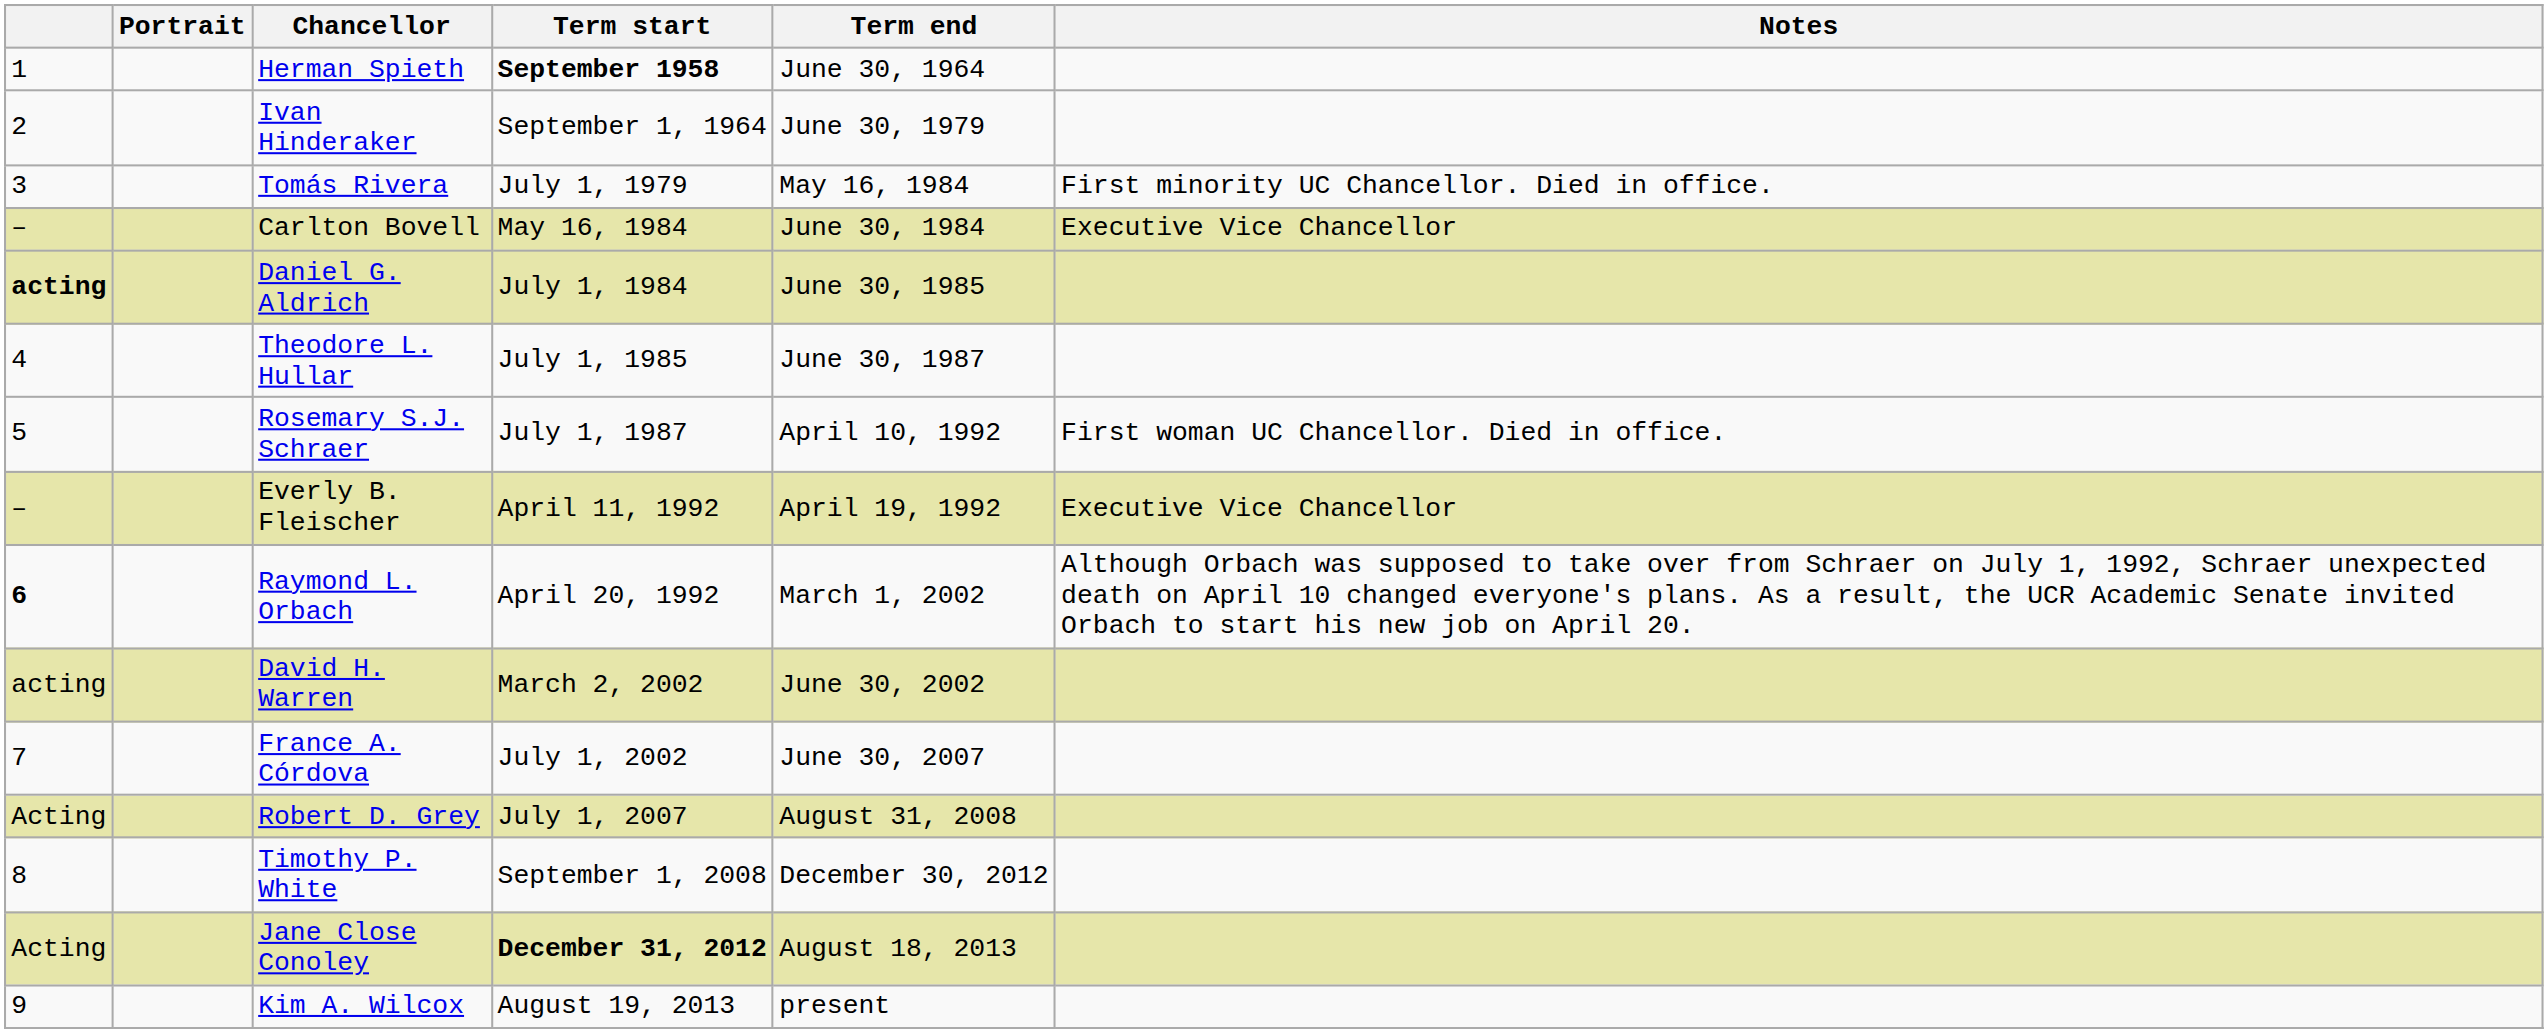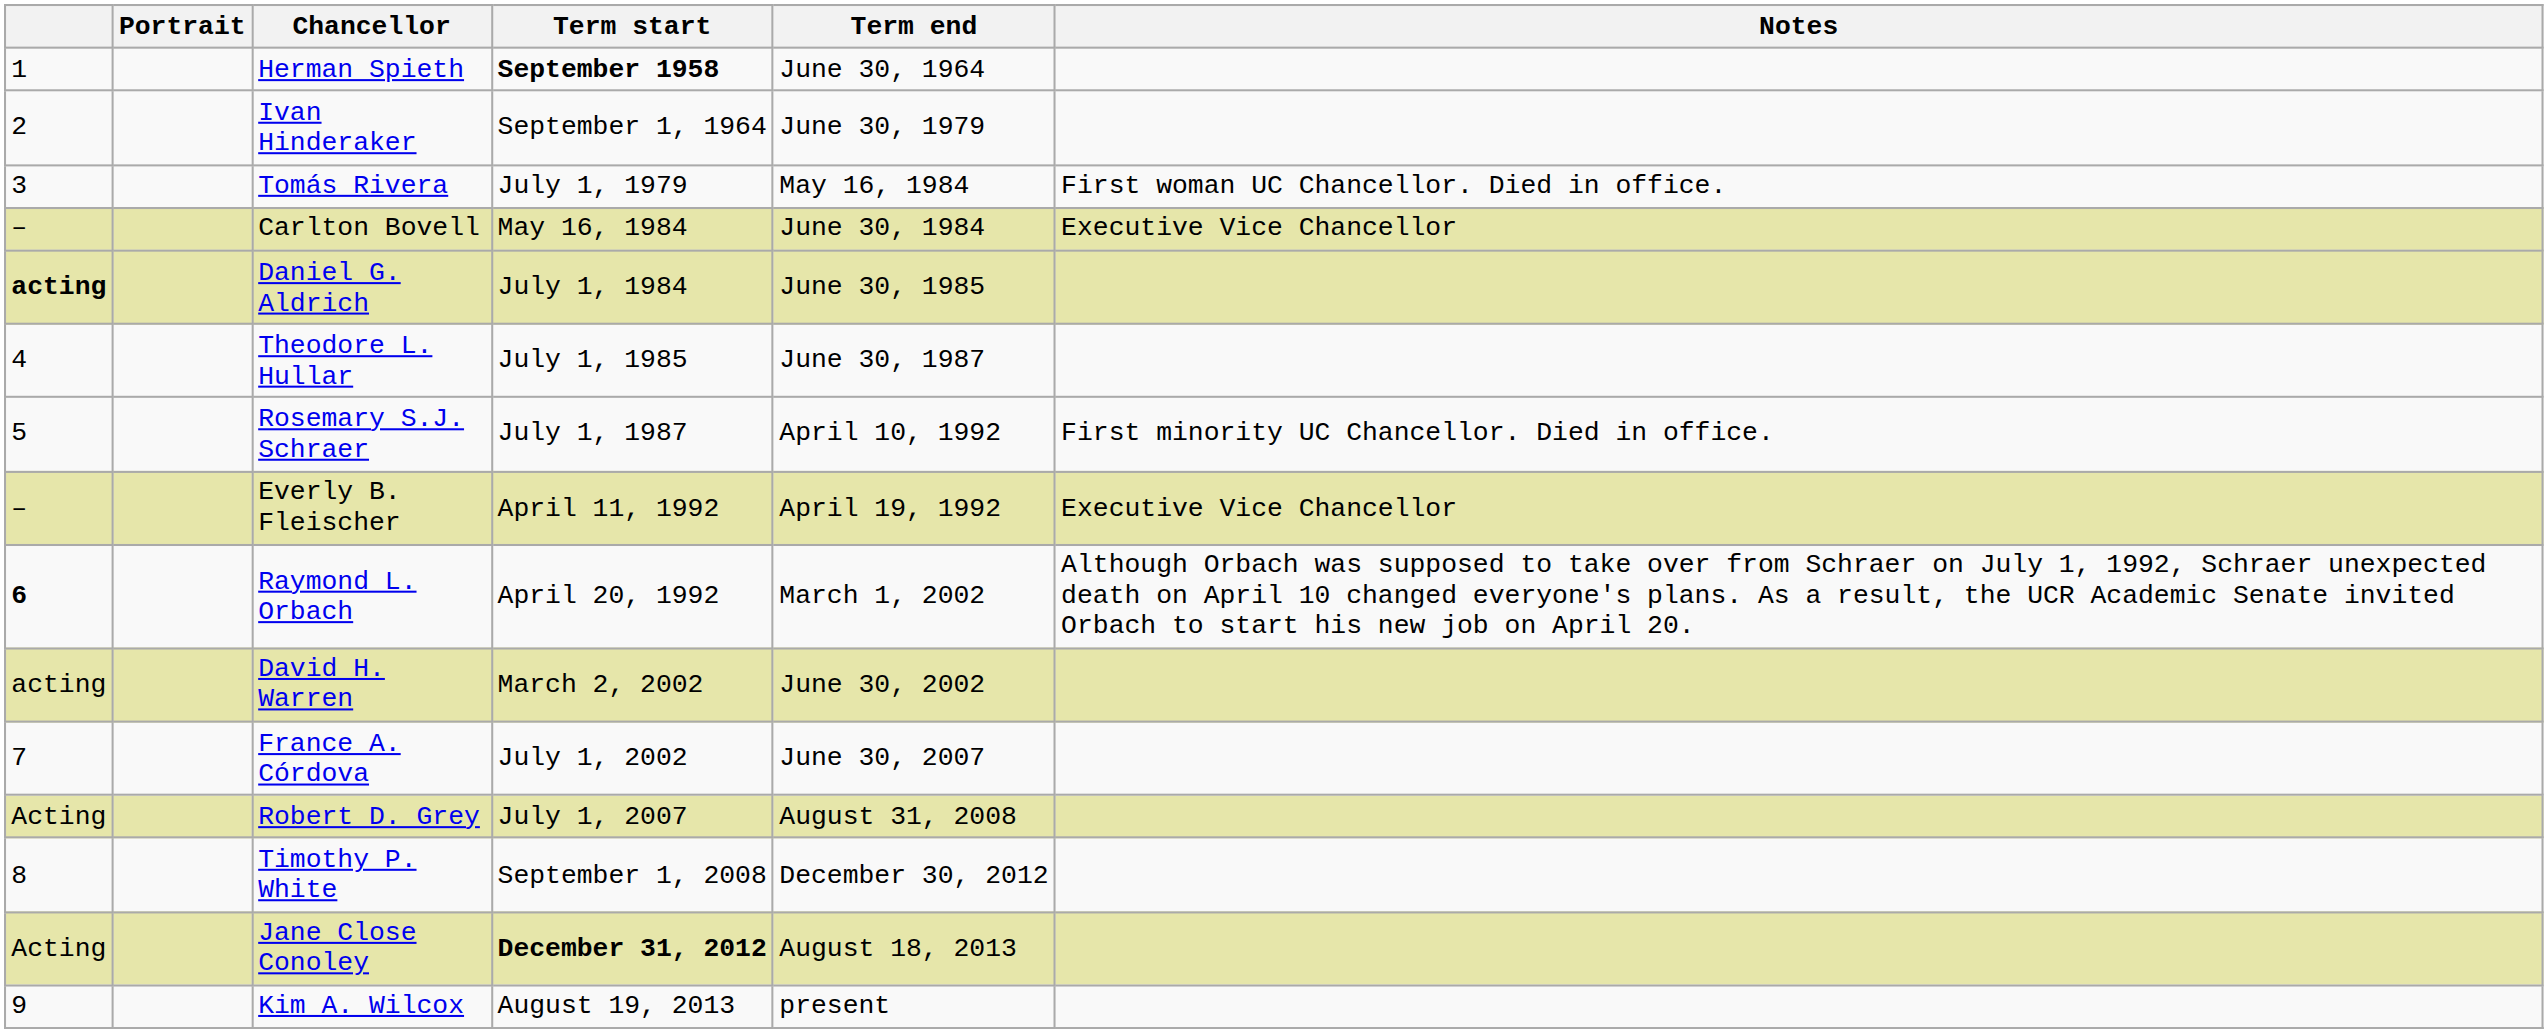 <table class=wikitable style="text-align:left">
 <tr>
 <th></th>
 <th>Portrait</th>
 <th>Chancellor</th>
 <th>Term start</th>
 <th>Term end</th>
 <th>Notes</th>
 </tr>
 <tr>
 <td>1</td>
 <td></td>
 <td><a href='#'>Herman Spieth</a></td>
 <td><strong>September 1958</strong></td>
 <td>June 30, 1964</td>
 <td></td>
 </tr>
 <tr>
 <td>2</td>
 <td></td>
 <td><a href='#'>Ivan Hinderaker</a></td>
 <td>September 1, 1964</td>
 <td>June 30, 1979</td>
 <td></td>
 </tr>
 <tr>
 <td>3</td>
 <td></td>
 <td><a href='#'>Tomás Rivera</a></td>
 <td>July 1, 1979</td>
 <td>May 16, 1984</td>
-<td> First minority UC Chancellor. Died in office.</td>
+<td> First woman UC Chancellor. Died in office.</td>
 </tr>
 <tr bgcolor="#e6e6aa">
 <td>–</td>
 <td></td>
 <td>Carlton Bovell</td>
 <td>May 16, 1984</td>
 <td>June 30, 1984</td>
 <td>Executive Vice Chancellor</td>
 </tr>
 <tr bgcolor="#e6e6aa">
 <td><strong>acting</strong></td>
 <td></td>
 <td><a href='#'>Daniel G. Aldrich</a></td>
 <td>July 1, 1984</td>
 <td>June 30, 1985</td>
 <td></td>
 </tr>
 <tr>
 <td>4</td>
 <td></td>
 <td><a href='#'>Theodore L. Hullar</a></td>
 <td>July 1, 1985</td>
 <td>June 30, 1987</td>
 <td></td>
 </tr>
 <tr>
 <td>5</td>
 <td></td>
 <td><a href='#'>Rosemary S.J. Schraer</a></td>
 <td>July 1, 1987</td>
 <td>April 10, 1992</td>
-<td> First woman UC Chancellor. Died in office.</td>
+<td> First minority UC Chancellor. Died in office.</td>
 </tr>
 <tr bgcolor="#e6e6aa">
 <td>–</td>
 <td></td>
 <td>Everly B. Fleischer</td>
 <td>April 11, 1992</td>
 <td>April 19, 1992</td>
 <td>Executive Vice Chancellor</td>
 </tr>
 <tr>
 <td><strong>6</strong></td>
 <td></td>
 <td><a href='#'>Raymond L. Orbach</a></td>
 <td>April 20, 1992</td>
 <td>March 1, 2002</td>
 <td>Although Orbach was supposed to take over from Schraer on July 1, 1992, Schraer unexpected death on April 10 changed everyone's plans. As a result, the UCR Academic Senate invited Orbach to start his new job on April 20.</td>
 </tr>
 <tr bgcolor="#e6e6aa">
 <td>acting</td>
 <td></td>
 <td><a href='#'>David H. Warren</a></td>
 <td>March 2, 2002</td>
 <td>June 30, 2002</td>
 <td></td>
 </tr>
 <tr>
 <td>7</td>
 <td></td>
 <td><a href='#'>France A. Córdova</a></td>
 <td>July 1, 2002</td>
 <td>June 30, 2007</td>
 <td></td>
 </tr>
 <tr bgcolor="#e6e6aa">
 <td>Acting</td>
 <td></td>
 <td><a href='#'>Robert D. Grey</a></td>
 <td>July 1, 2007</td>
 <td>August 31, 2008</td>
 <td></td>
 </tr>
 <tr>
 <td>8</td>
 <td></td>
 <td><a href='#'>Timothy P. White</a></td>
 <td>September 1, 2008</td>
 <td nowrap>December 30, 2012</td>
 <td></td>
 </tr>
 <tr bgcolor="#e6e6aa">
 <td>Acting</td>
 <td></td>
 <td><a href='#'>Jane Close Conoley</a></td>
 <td nowrap><strong>December 31, 2012</strong></td>
 <td>August 18, 2013</td>
 <td></td>
 </tr>
 <tr>
 <td>9</td>
 <td></td>
 <td><a href='#'>Kim A. Wilcox</a></td>
 <td>August 19, 2013</td>
 <td>present</td>
 <td></td>
 </tr>
 <tr>
 </tr>
 </table>
